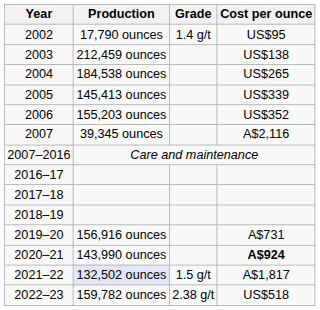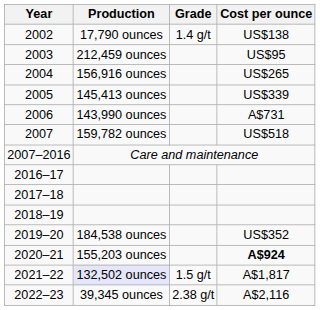 <table class="wikitable">
 <tr style="text-align:center;">
 <th>Year</th>
 <th>Production</th>
 <th>Grade</th>
 <th>Cost per ounce</th>
 </tr>
 <tr style="text-align:center;">
 <td>2002</td>
 <td>17,790 ounces</td>
 <td>1.4 g/t</td>
-<td>US$95</td>
+<td>US$138</td>
 </tr>
 <tr style="text-align:center;">
 <td>2003</td>
 <td>212,459 ounces</td>
 <td></td>
-<td>US$138</td>
+<td>US$95</td>
 </tr>
 <tr style="text-align:center;">
 <td>2004</td>
-<td>184,538 ounces</td>
+<td>156,916 ounces</td>
 <td></td>
 <td>US$265</td>
 </tr>
 <tr style="text-align:center;">
 <td>2005</td>
 <td>145,413 ounces</td>
 <td></td>
 <td>US$339</td>
 </tr>
 <tr style="text-align:center;">
 <td>2006</td>
-<td>155,203 ounces</td>
+<td>143,990 ounces</td>
 <td></td>
-<td>US$352</td>
+<td>A$731</td>
 </tr>
 <tr style="text-align:center;">
 <td>2007 </td>
-<td>39,345 ounces</td>
+<td>159,782 ounces</td>
 <td></td>
-<td>A$2,116</td>
+<td>US$518</td>
 </tr>
 <tr style="text-align:center;">
 <td>2007–2016</td>
 <td colspan=3><em>Care and maintenance</em></td>
 </tr>
 <tr style="text-align:center;">
 <td>2016–17</td>
 <td></td>
 <td></td>
 <td></td>
 </tr>
 <tr style="text-align:center;">
 <td>2017–18</td>
 <td></td>
 <td></td>
 <td></td>
 </tr>
 <tr style="text-align:center;">
 <td>2018–19</td>
 <td></td>
 <td></td>
 <td></td>
 </tr>
 <tr style="text-align:center;">
 <td>2019–20</td>
-<td>156,916 ounces</td>
+<td>184,538 ounces</td>
 <td></td>
-<td>A$731</td>
+<td>US$352</td>
 </tr>
 <tr style="text-align:center;">
 <td>2020–21</td>
-<td>143,990 ounces</td>
+<td>155,203 ounces</td>
 <td></td>
 <td><strong>A$924</strong></td>
 </tr>
 <tr style="text-align:center;">
 <td>2021–22</td>
 <td style="background: lavender;">132,502 ounces</td>
 <td>1.5 g/t</td>
 <td>A$1,817</td>
 </tr>
 <tr style="text-align:center;">
 <td>2022–23</td>
-<td>159,782 ounces</td>
+<td>39,345 ounces</td>
 <td>2.38 g/t</td>
-<td>US$518</td>
+<td>A$2,116</td>
 </tr>
 </table>
